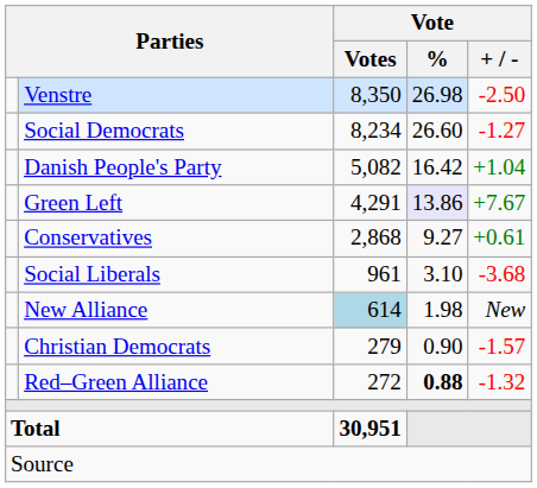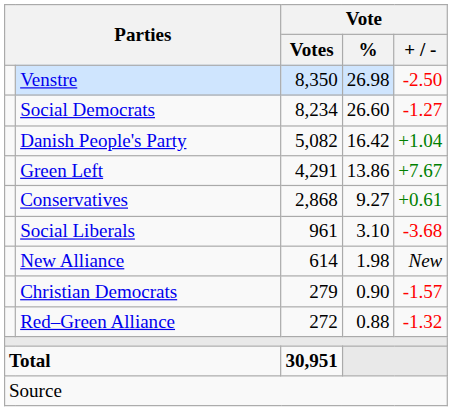 <table class="wikitable" style="text-align:right;">
 <tr>
 <th style="text-align:centre;" rowspan="2" colspan="2" width="225">Parties</th>
 <th colspan="3">Vote</th>
 </tr>
 <tr>
 <th width="15">Votes</th>
 <th width="15">%</th>
 <th width="15">+ / -</th>
 </tr>
 <tr>
 <td width="2" style="color:inherit;background:"></td>
 <td bgcolor=#cfe5fe  align="left"><a href='#'>Venstre</a></td>
 <td bgcolor=#cfe5fe>8,350</td>
 <td bgcolor=#cfe5fe>26.98</td>
 <td style=color:red;>-2.50</td>
 </tr>
 <tr>
 <td width="2" style="color:inherit;background:"></td>
 <td align="left"><a href='#'>Social Democrats</a></td>
 <td>8,234</td>
 <td>26.60</td>
 <td style=color:red;>-1.27</td>
 </tr>
 <tr>
 <td width="2" style="color:inherit;background:"></td>
 <td align="left"><a href='#'>Danish People's Party</a></td>
 <td>5,082</td>
 <td>16.42</td>
 <td style=color:green;>+1.04</td>
 </tr>
 <tr>
 <td width="2" style="color:inherit;background:"></td>
 <td align="left"><a href='#'>Green Left</a></td>
 <td>4,291</td>
-<td style="background: lavender;">13.86</td>
+<td>13.86</td>
 <td style=color:green;>+7.67</td>
 </tr>
 <tr>
 <td width="2" style="color:inherit;background:"></td>
 <td align="left"><a href='#'>Conservatives</a></td>
 <td>2,868</td>
 <td>9.27</td>
 <td style=color:green;>+0.61</td>
 </tr>
 <tr>
 <td width="2" style="color:inherit;background:"></td>
 <td align="left"><a href='#'>Social Liberals</a></td>
 <td>961</td>
 <td>3.10</td>
 <td style=color:red;>-3.68</td>
 </tr>
 <tr>
 <td width="2" style="color:inherit;background:"></td>
 <td align="left"><a href='#'>New Alliance</a></td>
-<td style="background: lightblue;">614</td>
+<td>614</td>
 <td>1.98</td>
 <td><em>New</em></td>
 </tr>
 <tr>
 <td width="2" style="color:inherit;background:"></td>
 <td align="left"><a href='#'>Christian Democrats</a></td>
 <td>279</td>
 <td>0.90</td>
 <td style=color:red;>-1.57</td>
 </tr>
 <tr>
 <td width="2" style="color:inherit;background:"></td>
 <td align="left"><a href='#'>Red–Green Alliance</a></td>
 <td>272</td>
-<td><strong>0.88</strong></td>
+<td>0.88</td>
 <td style=color:red;>-1.32</td>
 </tr>
 <tr>
 <td colspan="7" bgcolor="#E9E9E9"></td>
 </tr>
 <tr>
 <td align="left" colspan="2"><strong>Total</strong></td>
 <td><strong>30,951</strong></td>
 <td bgcolor="#E9E9E9" colspan="2"></td>
 </tr>
 <tr>
 <td align="left" colspan="6">Source</td>
 </tr>
 </table>
